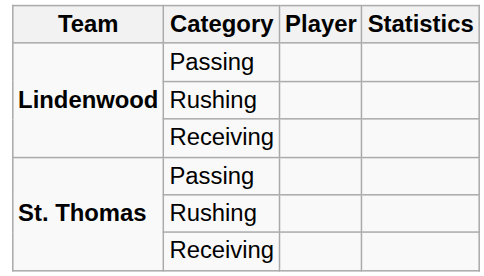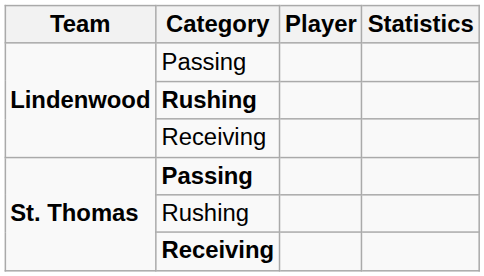 <table class="wikitable" style="float: right;">
 <tr>
 <th>Team</th>
 <th>Category</th>
 <th>Player</th>
 <th>Statistics</th>
 </tr>
 <tr>
 <td rowspan=3><strong>Lindenwood</strong></td>
 <td>Passing</td>
 <td></td>
 <td></td>
 </tr>
 <tr>
-<td>Rushing</td>
+<td><strong>Rushing</strong></td>
 <td></td>
 <td></td>
 </tr>
 <tr>
 <td>Receiving</td>
 <td></td>
 <td></td>
 </tr>
 <tr>
 <td rowspan=3><strong>St. Thomas</strong></td>
-<td>Passing</td>
+<td><strong>Passing</strong></td>
 <td></td>
 <td></td>
 </tr>
 <tr>
 <td>Rushing</td>
 <td></td>
 <td></td>
 </tr>
 <tr>
-<td>Receiving</td>
+<td><strong>Receiving</strong></td>
 <td></td>
 <td></td>
 </tr>
 </table>
